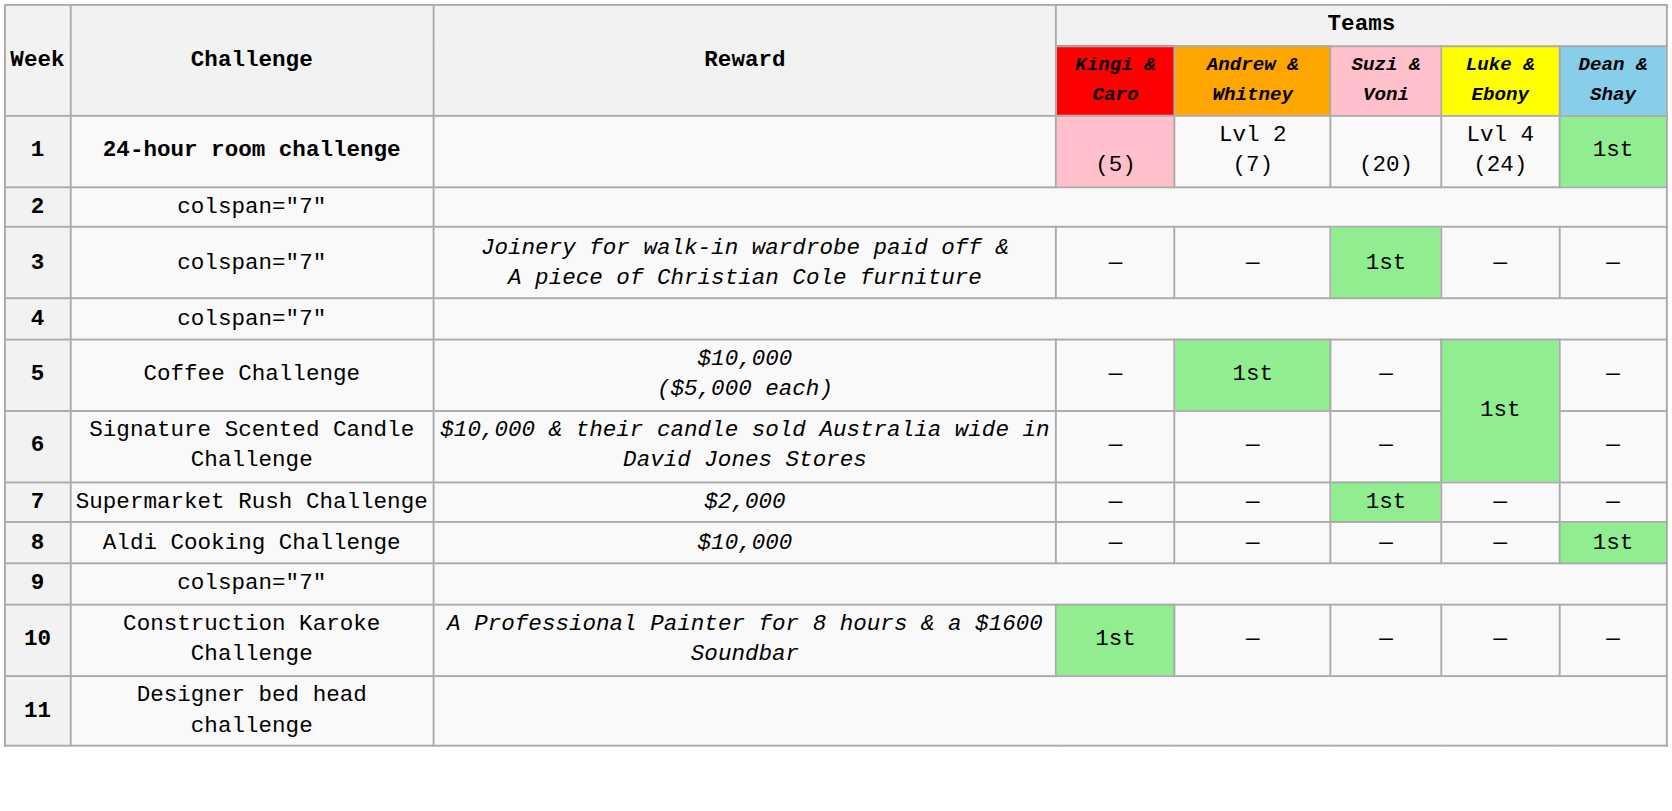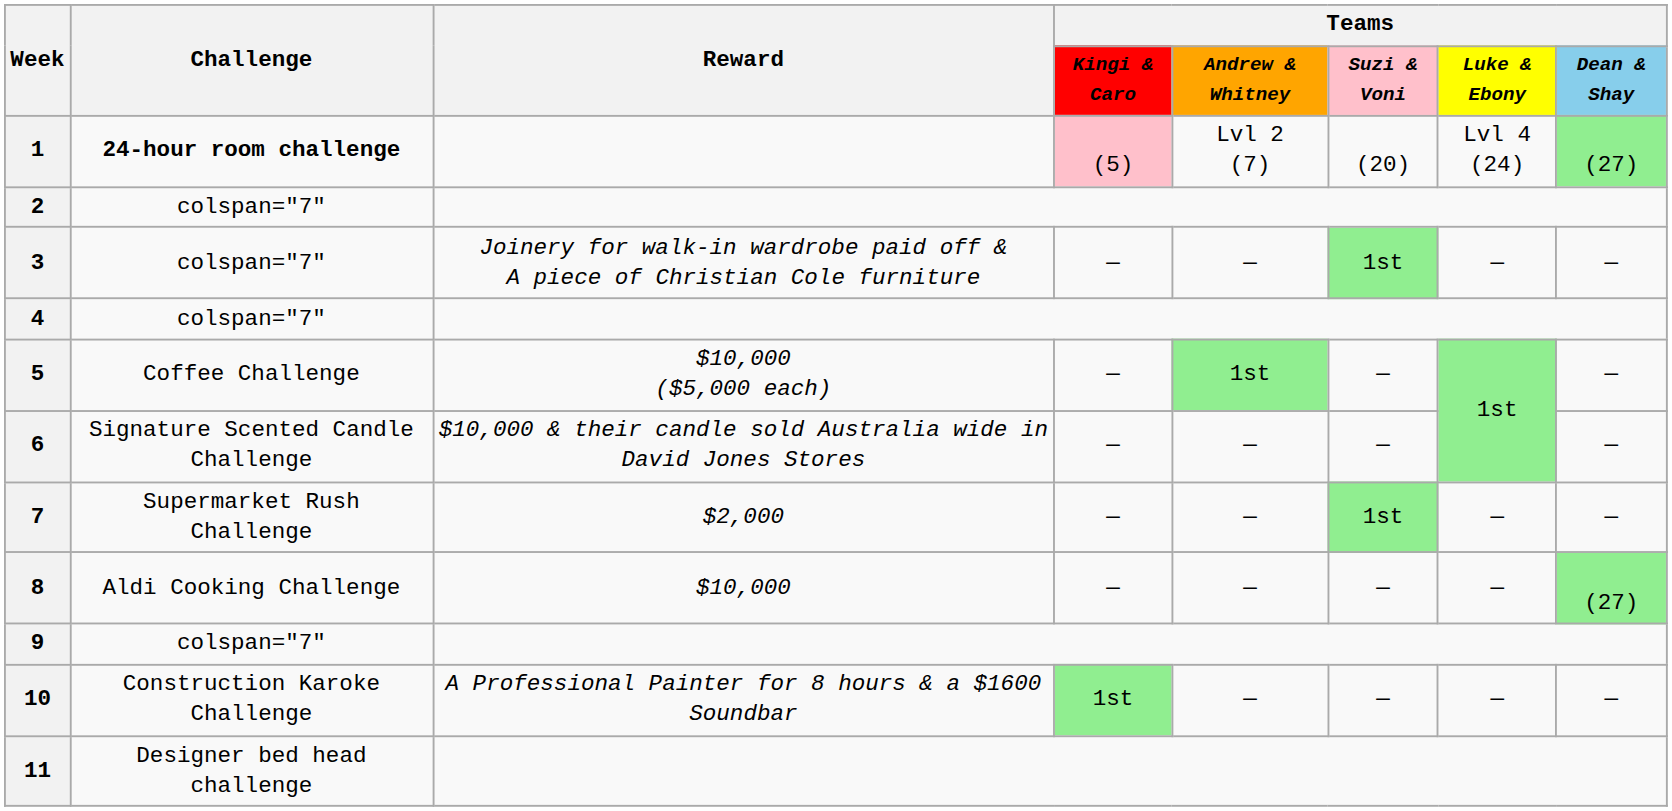 <table class="wikitable" style="text-align: center; font-size: 9pt; line-height:16px; width:70%">
 <tr>
 <th scope="col" rowspan="2">Week</th>
 <th scope="col" rowspan="2">Challenge</th>
 <th scope="col" rowspan="2">Reward</th>
 <th scope="col" colspan="5">Teams</th>
 </tr>
 <tr>
 <th style="background-color:red; font-size:85%;"><em>Kingi & Caro</em></th>
 <th style="background-color:orange; font-size:85%;"><em>Andrew & Whitney</em></th>
 <th style="background-color:pink; font-size:85%;"><em>Suzi & Voni</em></th>
 <th style="background-color:yellow; font-size:85%;"><em>Luke & Ebony</em></th>
 <th style="background-color:skyblue; font-size:85%;"><em>Dean & Shay</em></th>
 </tr>
 <tr>
 <th>1</th>
 <td><strong>24-hour room challenge</strong></td>
 <td></td>
 <td bgcolor="pink"><br>(5)</td>
 <td>Lvl 2<br>(7)</td>
 <td><br>(20)</td>
 <td>Lvl 4<br>(24)</td>
-<td bgcolor="lightgreen">1st</td>
+<td bgcolor="lightgreen"><br>(27)</td>
 </tr>
 <tr>
 <th>2</th>
 <td>colspan="7" </td>
 </tr>
 <tr>
 <th>3</th>
 <td>colspan="7" </td>
 <td><em>Joinery for walk-in wardrobe paid off &<br>A piece of Christian Cole furniture</em></td>
 <td>—</td>
 <td>—</td>
 <td bgcolor="lightgreen">1st</td>
 <td>—</td>
 <td>—</td>
 </tr>
 <tr>
 <th>4</th>
 <td>colspan="7" </td>
 </tr>
 <tr>
 <th>5</th>
 <td>Coffee Challenge</td>
 <td><em>$10,000<br>($5,000 each)</em></td>
 <td>—</td>
 <td bgcolor="lightgreen">1st</td>
 <td>—</td>
 <td rowspan="2" bgcolor="lightgreen">1st</td>
 <td>—</td>
 </tr>
 <tr>
 <th>6</th>
 <td>Signature Scented Candle Challenge</td>
 <td><em>$10,000 & their candle sold Australia wide in David Jones Stores</em></td>
 <td>—</td>
 <td>—</td>
 <td>—</td>
 <td>—</td>
 </tr>
 <tr>
 <th>7</th>
 <td>Supermarket Rush Challenge</td>
 <td><em>$2,000</em></td>
 <td>—</td>
 <td>—</td>
 <td bgcolor="lightgreen">1st</td>
 <td>—</td>
 <td>—</td>
 </tr>
 <tr>
 <th>8</th>
 <td>Aldi Cooking Challenge</td>
 <td><em>$10,000</em></td>
 <td>—</td>
 <td>—</td>
 <td>—</td>
 <td>—</td>
-<td bgcolor="lightgreen">1st</td>
+<td bgcolor="lightgreen"><br>(27)</td>
 </tr>
 <tr>
 <th>9</th>
 <td>colspan="7" </td>
 </tr>
 <tr>
 <th>10</th>
 <td>Construction Karoke Challenge</td>
 <td><em>A Professional Painter for 8 hours & a $1600 Soundbar</em></td>
 <td bgcolor="lightgreen">1st</td>
 <td>—</td>
 <td>—</td>
 <td>—</td>
 <td>—</td>
 </tr>
 <tr>
 <th>11</th>
 <td>Designer bed head challenge</td>
 </tr>
 </table>
